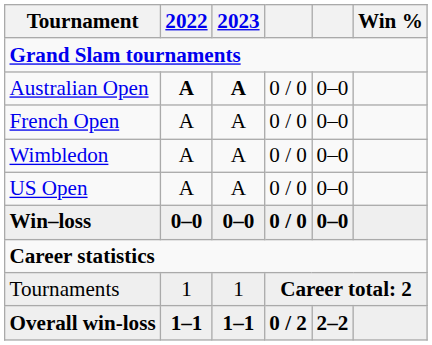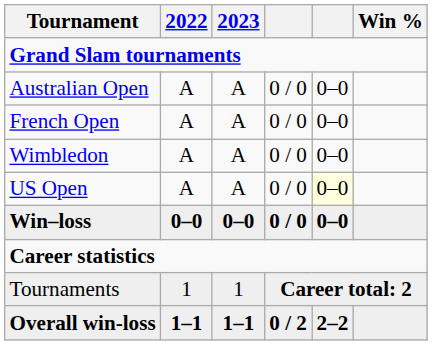 <table class="wikitable" style="text-align:center">
 <tr>
 <th>Tournament</th>
 <th><a href='#'>2022</a></th>
 <th><a href='#'>2023</a></th>
 <th></th>
 <th></th>
 <th>Win %</th>
 </tr>
 <tr>
 <td colspan="6" align="left"><strong><a href='#'>Grand Slam tournaments</a></strong></td>
 </tr>
 <tr>
 <td align="left"><a href='#'>Australian Open</a></td>
-<td><strong>A</strong></td>
-<td><strong>A</strong></td>
+<td>A</td>
+<td>A</td>
 <td>0 / 0</td>
 <td>0–0</td>
 <td></td>
 </tr>
 <tr>
 <td align="left"><a href='#'>French Open</a></td>
 <td>A</td>
 <td>A</td>
 <td>0 / 0</td>
 <td>0–0</td>
 <td></td>
 </tr>
 <tr>
 <td align="left"><a href='#'>Wimbledon</a></td>
 <td>A</td>
 <td>A</td>
 <td>0 / 0</td>
 <td>0–0</td>
 <td></td>
 </tr>
 <tr>
 <td align="left"><a href='#'>US Open</a></td>
 <td>A</td>
 <td>A</td>
 <td>0 / 0</td>
-<td>0–0</td>
+<td style="background: lightyellow;">0–0</td>
 <td></td>
 </tr>
 <tr style="background:#efefef;font-weight:bold">
 <td align="left">Win–loss</td>
 <td>0–0</td>
 <td>0–0</td>
 <td>0 / 0</td>
 <td>0–0</td>
 <td></td>
 </tr>
 <tr>
 <td colspan="6" align="left"><strong>Career statistics</strong></td>
 </tr>
 <tr bgcolor="efefef">
 <td align="left">Tournaments</td>
 <td>1</td>
 <td>1</td>
 <td colspan="3"><strong>Career total: 2</strong></td>
 </tr>
 <tr style="background:#efefef;font-weight:bold">
 <td align="left">Overall win-loss</td>
 <td>1–1</td>
 <td>1–1</td>
 <td>0 / 2</td>
 <td>2–2</td>
 <td></td>
 </tr>
 </table>
